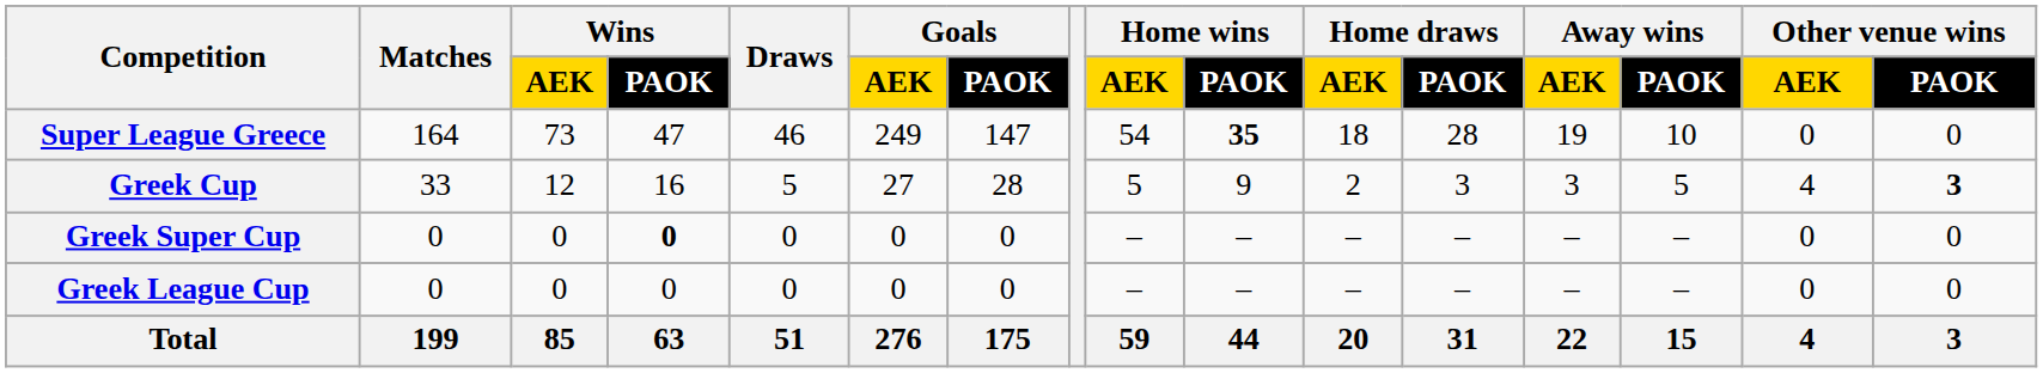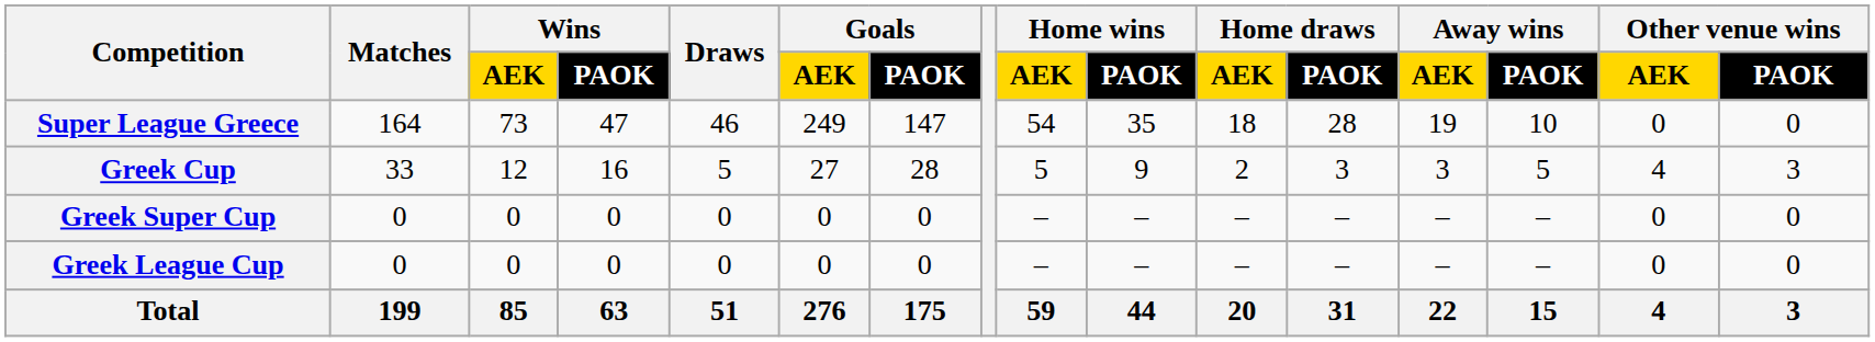 <table class="wikitable" style="font-size:85%; width:70%; text-align: center;">
 <tr>
 <th rowspan="2">Competition</th>
 <th rowspan="2">Matches</th>
 <th colspan="2">Wins</th>
 <th rowspan="2">Draws</th>
 <th colspan="2">Goals</th>
 <th rowspan="7"></th>
 <th colspan="2">Home wins</th>
 <th colspan="2">Home draws</th>
 <th colspan="2">Away wins</th>
 <th colspan="2">Other venue wins</th>
 </tr>
 <tr>
 <th style="color:black;background:#ffd700">AEK</th>
 <th style="color:white;background:#000000">PAOK</th>
 <th style="color:black;background:#ffd700">AEK</th>
 <th style="color:white;background:#000000">PAOK</th>
 <th style="color:black;background:#ffd700">AEK</th>
 <th style="color:white;background:#000000">PAOK</th>
 <th style="color:black;background:#ffd700">AEK</th>
 <th style="color:white;background:#000000">PAOK</th>
 <th style="color:black;background:#ffd700">AEK</th>
 <th style="color:white;background:#000000">PAOK</th>
 <th style="color:black;background:#ffd700">AEK</th>
 <th style="color:white;background:#000000">PAOK</th>
 </tr>
 <tr>
 <th><a href='#'>Super League Greece</a></th>
 <td>164</td>
 <td>73</td>
 <td>47</td>
 <td>46</td>
 <td>249</td>
 <td>147</td>
 <td>54</td>
-<td><strong>35</strong></td>
+<td>35</td>
 <td>18</td>
 <td>28</td>
 <td>19</td>
 <td>10</td>
 <td>0</td>
 <td>0</td>
 </tr>
 <tr>
 <th><a href='#'>Greek Cup</a></th>
 <td>33</td>
 <td>12</td>
 <td>16</td>
 <td>5</td>
 <td>27</td>
 <td>28</td>
 <td>5</td>
 <td>9</td>
 <td>2</td>
 <td>3</td>
 <td>3</td>
 <td>5</td>
 <td>4</td>
-<td><strong>3</strong></td>
+<td>3</td>
 </tr>
 <tr>
 <th><a href='#'>Greek Super Cup</a></th>
 <td>0</td>
 <td>0</td>
-<td><strong>0</strong></td>
+<td>0</td>
 <td>0</td>
 <td>0</td>
 <td>0</td>
 <td>–</td>
 <td>–</td>
 <td>–</td>
 <td>–</td>
 <td>–</td>
 <td>–</td>
 <td>0</td>
 <td>0</td>
 </tr>
 <tr>
 <th><a href='#'>Greek League Cup</a></th>
 <td>0</td>
 <td>0</td>
 <td>0</td>
 <td>0</td>
 <td>0</td>
 <td>0</td>
 <td>–</td>
 <td>–</td>
 <td>–</td>
 <td>–</td>
 <td>–</td>
 <td>–</td>
 <td>0</td>
 <td>0</td>
 </tr>
 <tr>
 <th>Total</th>
 <th>199</th>
 <th>85</th>
 <th>63</th>
 <th>51</th>
 <th>276</th>
 <th>175</th>
 <th>59</th>
 <th>44</th>
 <th>20</th>
 <th>31</th>
 <th>22</th>
 <th>15</th>
 <th>4</th>
 <th>3</th>
 </tr>
 </table>
